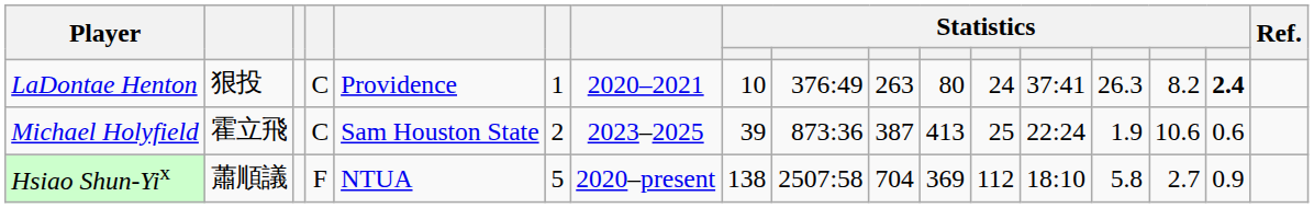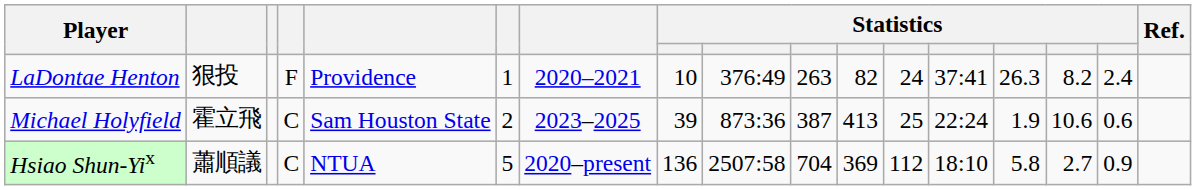 <table class="wikitable sortable" style="font-size:95%; text-align:right;">
 <tr>
 <th rowspan="2">Player</th>
 <th rowspan="2"></th>
 <th rowspan="2"></th>
 <th rowspan="2"></th>
 <th rowspan="2"></th>
 <th rowspan="2"></th>
 <th rowspan="2"></th>
 <th colspan="9">Statistics</th>
 <th rowspan="2">Ref.</th>
 </tr>
 <tr>
 <th></th>
 <th></th>
 <th></th>
 <th></th>
 <th></th>
 <th></th>
 <th></th>
 <th></th>
 <th></th>
 </tr>
 <tr>
 <td align="left"><em><a href='#'>LaDontae Henton</a></em></td>
 <td align="left">狠投</td>
 <td align="center"></td>
-<td align="center">C</td>
+<td align="center">F</td>
 <td align="left"><a href='#'>Providence</a></td>
 <td align="center">1</td>
 <td align="center"><a href='#'>2020–2021</a></td>
 <td>10</td>
 <td>376:49</td>
 <td>263</td>
-<td>80</td>
+<td>82</td>
 <td>24</td>
 <td>37:41</td>
 <td>26.3</td>
 <td>8.2</td>
-<td><strong>2.4</strong></td>
+<td>2.4</td>
 <td align="center"></td>
 </tr>
 <tr>
 <td align="left"><em><a href='#'>Michael Holyfield</a></em></td>
 <td align="left">霍立飛</td>
 <td align="center"></td>
 <td align="center">C</td>
 <td align="left"><a href='#'>Sam Houston State</a></td>
 <td align="center">2</td>
 <td align="center"><a href='#'>2023</a>–<a href='#'>2025</a></td>
 <td>39</td>
 <td>873:36</td>
 <td>387</td>
 <td>413</td>
 <td>25</td>
 <td>22:24</td>
 <td>1.9</td>
 <td>10.6</td>
 <td>0.6</td>
 <td align="center"></td>
 </tr>
 <tr>
 <td align="left" bgcolor="#CCFFCC"><em>Hsiao Shun-Yi</em><sup>x</sup></td>
 <td align="left">蕭順議</td>
 <td align="center"></td>
-<td align="center">F</td>
+<td align="center">C</td>
 <td align="left"><a href='#'>NTUA</a></td>
 <td align="center">5</td>
 <td align="center"><a href='#'>2020</a>–<a href='#'>present</a></td>
-<td>138</td>
+<td>136</td>
 <td>2507:58</td>
 <td>704</td>
 <td>369</td>
 <td>112</td>
 <td>18:10</td>
 <td>5.8</td>
 <td>2.7</td>
 <td>0.9</td>
 <td align="center"></td>
 </tr>
 </table>
